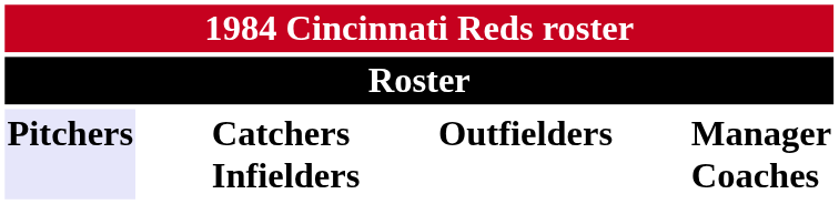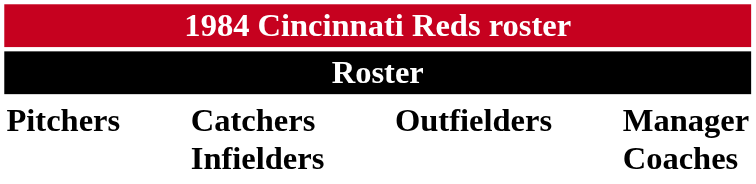 <table class="toccolours" style="font-size: 95%;">
 <tr>
 <th colspan="10" style="background-color: #c6011f; color: white; text-align: center;">1984 Cincinnati Reds roster</th>
 </tr>
 <tr>
 <td colspan="10" style="background-color: black; color: white; text-align: center;"><strong>Roster</strong></td>
 </tr>
 <tr>
-<td valign="top" style="background: lavender;"><strong>Pitchers</strong><br>                   </td>
+<td valign="top"><strong>Pitchers</strong><br>                   </td>
 <td width="25px"></td>
 <td valign="top"><strong>Catchers</strong><br>    <strong>Infielders</strong>            </td>
 <td width="25px"></td>
 <td valign="top"><strong>Outfielders</strong><br>      </td>
 <td width="25px"></td>
 <td valign="top"><strong>Manager</strong><br>  <strong>Coaches</strong>     </td>
 </tr>
 </table>
